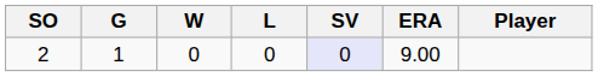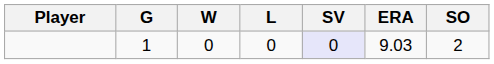 <table class="wikitable sortable">
 <tr>
-<th bgcolor="#DDDDFF" width="9%">SO</th>
+<th bgcolor="#DDDDFF" width="16%">Player</th>
 <th bgcolor="#DDDDFF" width="9%">G</th>
 <th bgcolor="#DDDDFF" width="9%">W</th>
 <th bgcolor="#DDDDFF" width="9%">L</th>
 <th bgcolor="#DDDDFF" width="9%">SV</th>
 <th bgcolor="#DDDDFF" width="9%">ERA</th>
-<th bgcolor="#DDDDFF" width="16%">Player</th>
+<th bgcolor="#DDDDFF" width="9%">SO</th>
 </tr>
 <tr align="center">
-<td>2</td>
+<td></td>
 <td>1</td>
 <td>0</td>
 <td>0</td>
 <td style="background: lavender;">0</td>
-<td>9.00</td>
-<td></td>
+<td>9.03</td>
+<td>2</td>
 </tr>
 </table>
